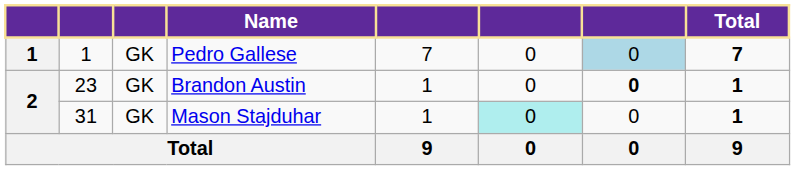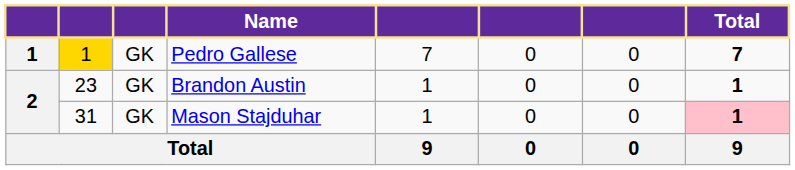 <table class="wikitable" style="text-align:center;">
 <tr>
 <th style="background:#5E299A; color:white; border:2px solid #F8E196; width:35px;" scope="col"></th>
 <th style="background:#5E299A; color:white; border:2px solid #F8E196; width:35px;" scope="col"></th>
 <th style="background:#5E299A; color:white; border:2px solid #F8E196; width:35px;" scope="col"></th>
 <th style="background:#5E299A; color:white; border:2px solid #F8E196; width:160px;" scope="col">Name</th>
 <th style="background:#5E299A; color:white; border:2px solid #F8E196; width:75px;" scope="col"></th>
 <th style="background:#5E299A; color:white; border:2px solid #F8E196; width:75px;" scope="col"></th>
 <th style="background:#5E299A; color:white; border:2px solid #F8E196; width:75px;" scope="col"></th>
 <th style="background:#5E299A; color:white; border:2px solid #F8E196; width:75px;" scope="col">Total</th>
 </tr>
 <tr>
 <th>1</th>
-<td>1</td>
+<td style="background: gold;">1</td>
 <td>GK</td>
 <td align="left"> <a href='#'>Pedro Gallese</a></td>
 <td>7</td>
 <td>0</td>
-<td style="background: lightblue;">0</td>
+<td>0</td>
 <td><strong>7</strong></td>
 </tr>
 <tr>
 <th rowspan="2">2</th>
 <td>23</td>
 <td>GK</td>
 <td align="left"> <a href='#'>Brandon Austin</a></td>
 <td>1</td>
 <td>0</td>
-<td><strong>0</strong></td>
+<td>0</td>
 <td><strong>1</strong></td>
 </tr>
 <tr>
 <td>31</td>
 <td>GK</td>
 <td align="left"> <a href='#'>Mason Stajduhar</a></td>
 <td>1</td>
-<td style="background: paleturquoise;">0</td>
 <td>0</td>
-<td><strong>1</strong></td>
+<td>0</td>
+<td style="background: pink;"><strong>1</strong></td>
 </tr>
 <tr>
 <th colspan="4">Total</th>
 <th>9</th>
 <th>0</th>
 <th>0</th>
 <th>9</th>
 </tr>
 </table>
